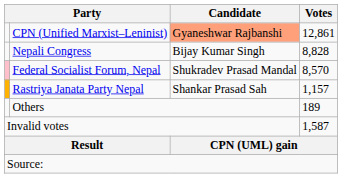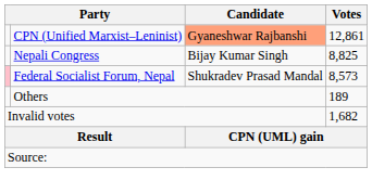 <table class="wikitable">
 <tr>
 <th colspan="2">Party</th>
 <th>Candidate</th>
 <th>Votes</th>
 </tr>
 <tr>
 <td style="background-color:"></td>
 <td><a href='#'>CPN (Unified Marxist–Leninist)</a></td>
 <td style="background: lightsalmon;">Gyaneshwar Rajbanshi</td>
 <td>12,861</td>
 </tr>
 <tr>
 <td style="background-color:"></td>
 <td><a href='#'>Nepali Congress</a></td>
 <td>Bijay Kumar Singh</td>
-<td>8,828</td>
+<td>8,825</td>
 </tr>
 <tr>
 <td style="background-color:pink"></td>
 <td><a href='#'>Federal Socialist Forum, Nepal</a></td>
 <td>Shukradev Prasad Mandal</td>
-<td>8,570</td>
-</tr>
-<tr>
-<td style="background-color:#ffb300"></td>
-<td><a href='#'>Rastriya Janata Party Nepal</a></td>
-<td>Shankar Prasad Sah</td>
-<td>1,157</td>
+<td>8,573</td>
 </tr>
 <tr>
 <td></td>
 <td colspan="2">Others</td>
 <td>189</td>
 </tr>
 <tr>
 <td colspan="3">Invalid votes</td>
-<td>1,587</td>
+<td>1,682</td>
 </tr>
 <tr>
 <th colspan="2">Result</th>
 <th colspan="2">CPN (UML) gain</th>
 </tr>
 <tr>
 <td colspan="4">Source: </td>
 </tr>
 </table>
